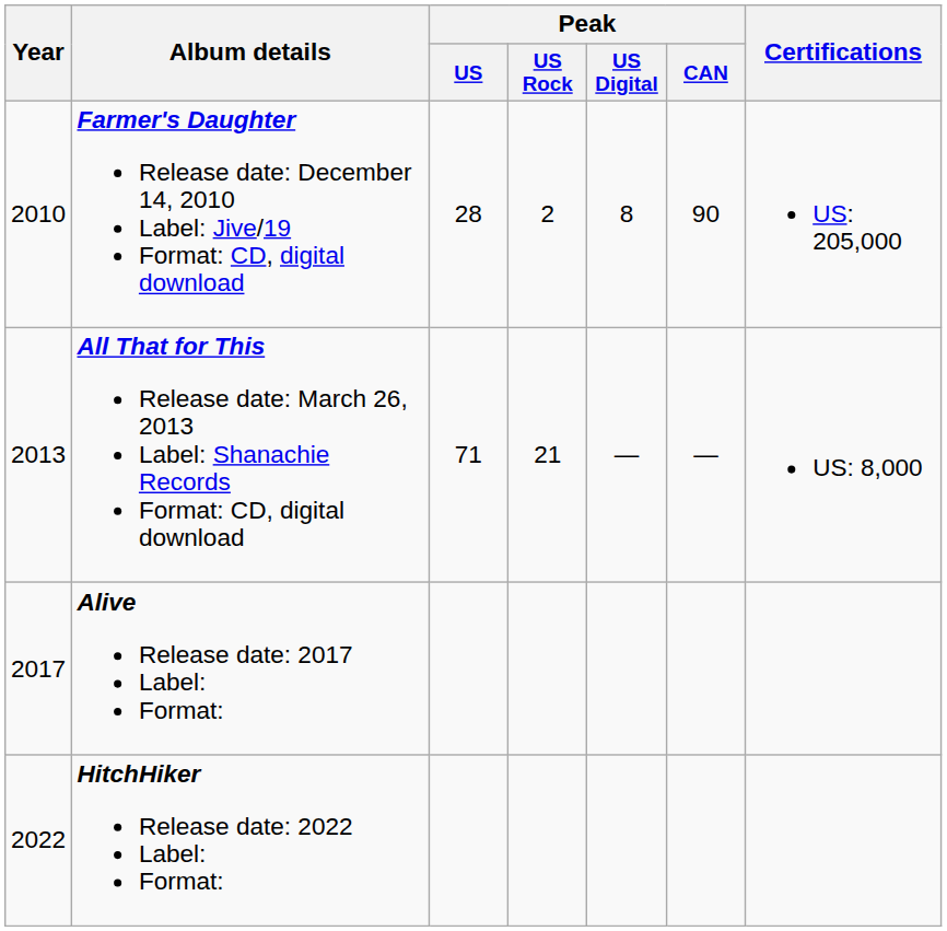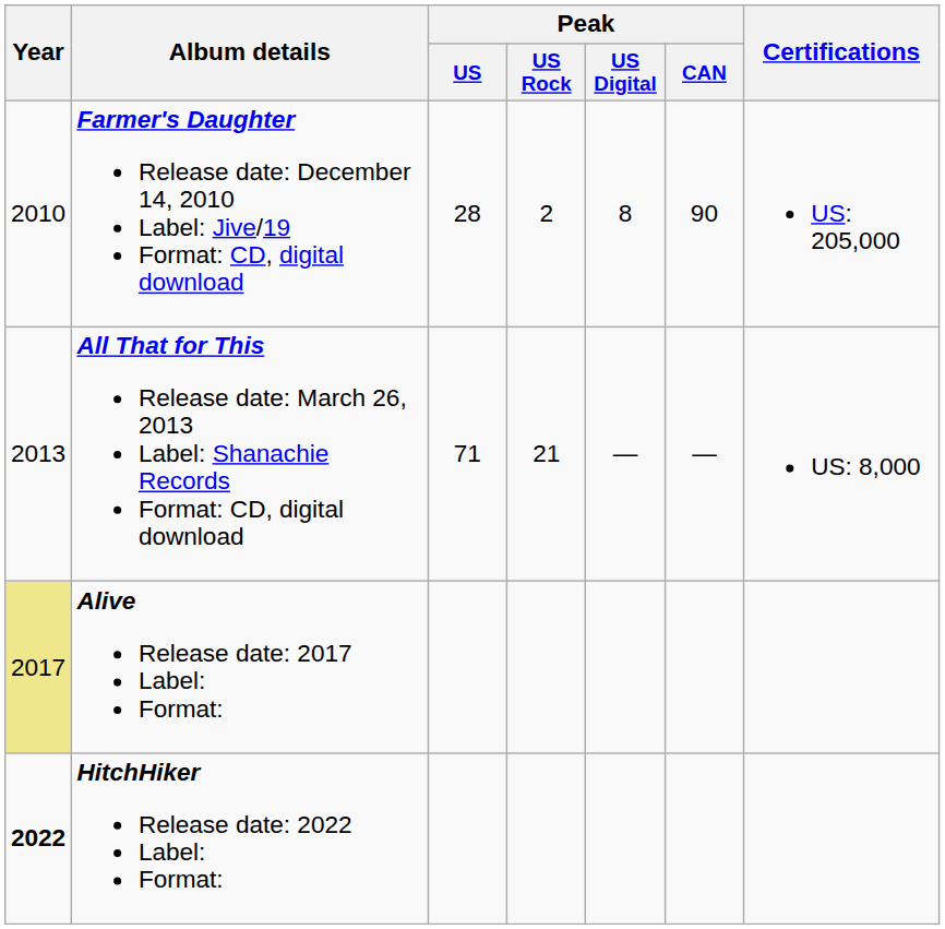 <table class="wikitable" style="text-align:center;">
 <tr>
 <th rowspan="2">Year</th>
 <th rowspan="2">Album details</th>
 <th colspan="4">Peak</th>
 <th rowspan="2"><a href='#'>Certifications</a></th>
 </tr>
 <tr style="font-size:smaller;">
 <th style="width:45px;"><a href='#'>US</a></th>
 <th style="width:45px;"><a href='#'>US<br>Rock</a></th>
 <th style="width:45px;"><a href='#'>US<br>Digital</a></th>
 <th style="width:45px;"><a href='#'>CAN</a></th>
 </tr>
 <tr>
 <td>2010</td>
 <td style="text-align:left;"><strong><em><a href='#'>Farmer's Daughter</a></em></strong><br><ul><li>Release date: December 14, 2010</li><li>Label: <a href='#'>Jive</a>/<a href='#'>19</a></li><li>Format: <a href='#'>CD</a>, <a href='#'>digital download</a></li></ul></td>
 <td>28</td>
 <td>2</td>
 <td>8</td>
 <td>90</td>
 <td style="text-align:left;"><br><ul><li><a href='#'>US</a>: 205,000</li></ul></td>
 </tr>
 <tr>
 <td>2013</td>
 <td style="text-align:left;"><strong><em><a href='#'>All That for This</a></em></strong><br><ul><li>Release date: March 26, 2013 </li><li>Label: <a href='#'>Shanachie Records</a></li><li>Format: CD, digital download</li></ul></td>
 <td>71</td>
 <td>21</td>
 <td>—</td>
 <td>—</td>
 <td style="text-align:left;"><br><ul><li>US: 8,000</li></ul></td>
 </tr>
 <tr>
-<td>2017</td>
+<td style="background: khaki;">2017</td>
 <td style="text-align:left;"><strong><em>Alive</em></strong><br><ul><li>Release date: 2017</li><li>Label:</li><li>Format:</li></ul></td>
 <td></td>
 <td></td>
 <td></td>
 <td></td>
 <td style="text-align:left;"></td>
 </tr>
 <tr>
-<td>2022</td>
+<td><strong>2022</strong></td>
 <td style="text-align:left;"><strong><em>HitchHiker</em></strong><br><ul><li>Release date: 2022</li><li>Label:</li><li>Format:</li></ul></td>
 <td></td>
 <td></td>
 <td></td>
 <td></td>
 <td></td>
 </tr>
 </table>
